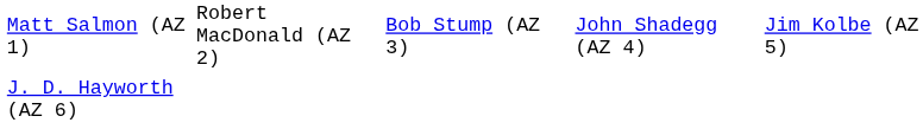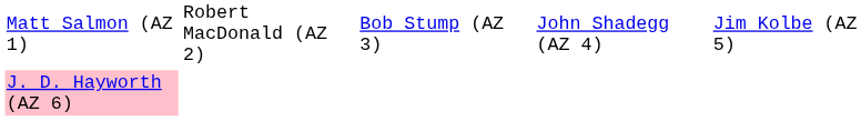 <table width="100%">
 <tr>
 <td width=20%><a href='#'>Matt Salmon</a> (AZ 1)</td>
 <td width=20%>Robert MacDonald (AZ 2)</td>
 <td width=20%><a href='#'>Bob Stump</a> (AZ 3)</td>
 <td width=20%><a href='#'>John Shadegg</a> (AZ 4)</td>
 <td width=20%><a href='#'>Jim Kolbe</a> (AZ 5)</td>
 </tr>
 <tr>
-<td><a href='#'>J. D. Hayworth</a> (AZ 6)</td>
+<td style="background: pink;"><a href='#'>J. D. Hayworth</a> (AZ 6)</td>
 </tr>
 </table>
